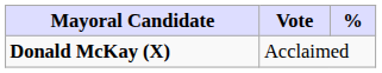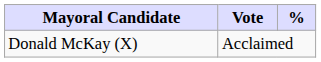 <table class="wikitable">
 <tr>
 <th style="background:#ddf; width:200px;">Mayoral Candidate</th>
 <th style="background:#ddf; width:50px;">Vote</th>
 <th style="background:#ddf; width:30px;">%</th>
 </tr>
 <tr>
-<td><strong>Donald McKay (X)</strong></td>
+<td>Donald McKay (X)</td>
 <td colspan="2">Acclaimed</td>
 </tr>
 </table>
